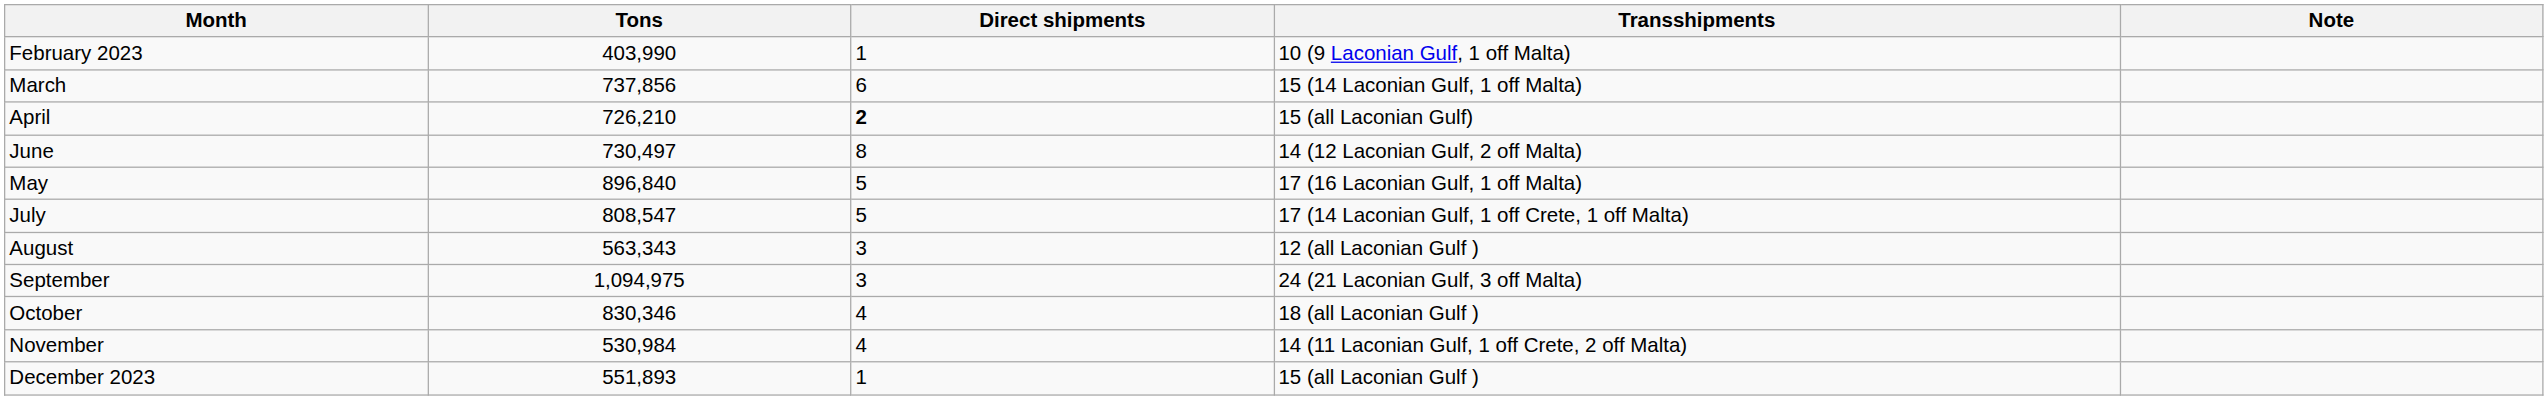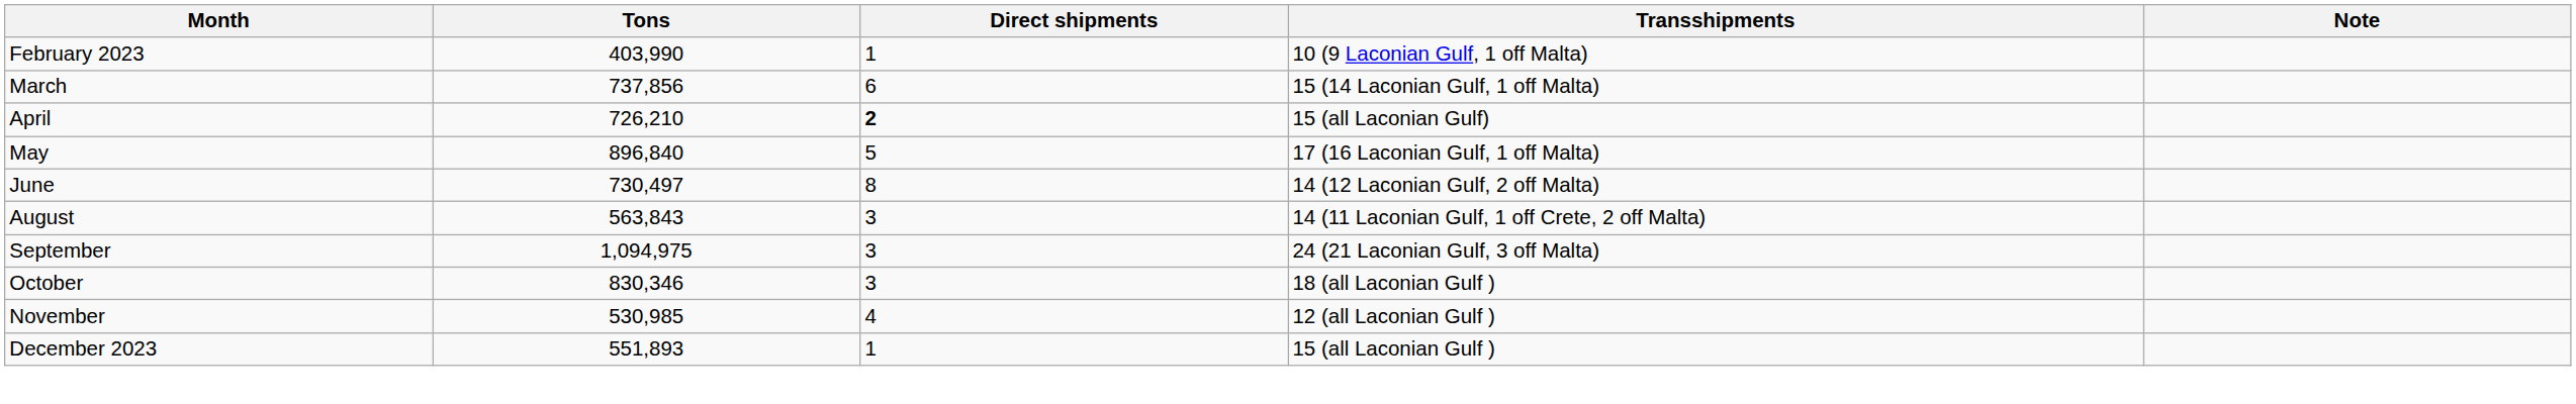 <table class="wikitable sortable" style="margin:auto; width:100%;">
 <tr>
 <th style="text-align:center; width:10%;">Month</th>
 <th style="text-align:center; width:10%;">Tons</th>
 <th style="text-align:center; width:10%;">Direct shipments</th>
 <th style="text-align:center; width:20%;">Transshipments</th>
 <th style="text-align:center; width:10%;">Note</th>
 </tr>
 <tr>
 <td>February 2023</td>
 <td style="text-align:center;">403,990</td>
 <td>1</td>
 <td>10 (9 <a href='#'>Laconian Gulf</a>, 1 off Malta)</td>
 <td></td>
 </tr>
 <tr>
 <td>March</td>
 <td style="text-align:center;">737,856</td>
 <td>6</td>
 <td>15 (14 Laconian Gulf, 1 off Malta)</td>
 <td></td>
 </tr>
 <tr>
 <td>April</td>
 <td style="text-align:center;">726,210</td>
 <td><strong>2</strong></td>
 <td>15 (all Laconian Gulf)</td>
 <td></td>
 </tr>
 <tr>
+<td>May</td>
+<td style="text-align:center;">896,840</td>
+<td>5</td>
+<td>17 (16 Laconian Gulf, 1 off Malta)</td>
+<td></td>
+</tr>
+<tr>
 <td>June</td>
 <td style="text-align:center;">730,497</td>
 <td>8</td>
 <td>14 (12 Laconian Gulf, 2 off Malta)</td>
 <td></td>
 </tr>
 <tr>
-<td>May</td>
-<td style="text-align:center;">896,840</td>
-<td>5</td>
-<td>17 (16 Laconian Gulf, 1 off Malta)</td>
-<td></td>
-</tr>
-<tr>
-<td>July</td>
-<td style="text-align:center;">808,547</td>
-<td>5</td>
-<td>17 (14 Laconian Gulf, 1 off Crete, 1 off Malta)</td>
-<td></td>
-</tr>
-<tr>
 <td>August</td>
-<td style="text-align:center;">563,343</td>
+<td style="text-align:center;">563,843</td>
 <td>3</td>
-<td>12 (all Laconian Gulf )</td>
+<td>14 (11 Laconian Gulf, 1 off Crete, 2 off Malta)</td>
 <td></td>
 </tr>
 <tr>
 <td>September</td>
 <td style="text-align:center;">1,094,975</td>
 <td>3</td>
 <td>24 (21 Laconian Gulf, 3 off Malta)</td>
 <td></td>
 </tr>
 <tr>
 <td>October</td>
 <td style="text-align:center;">830,346</td>
-<td>4</td>
+<td>3</td>
 <td>18 (all Laconian Gulf )</td>
 <td></td>
 </tr>
 <tr>
 <td>November</td>
-<td style="text-align:center;">530,984</td>
+<td style="text-align:center;">530,985</td>
 <td>4</td>
-<td>14 (11 Laconian Gulf, 1 off Crete, 2 off Malta)</td>
+<td>12 (all Laconian Gulf )</td>
 <td></td>
 </tr>
 <tr>
 <td>December 2023</td>
 <td style="text-align:center;">551,893</td>
 <td>1</td>
 <td>15 (all Laconian Gulf )</td>
 <td></td>
 </tr>
 </table>
